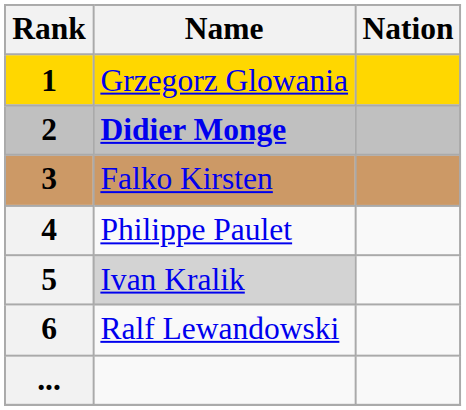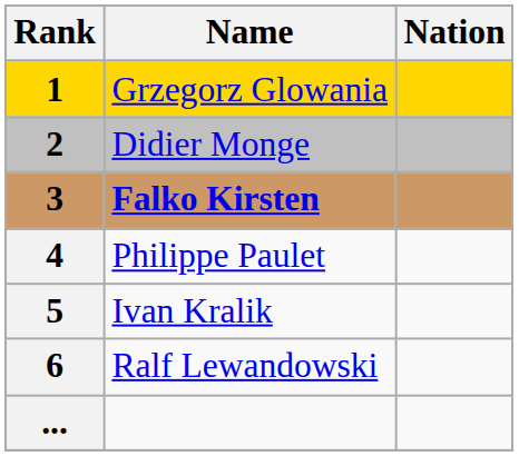 <table class="wikitable">
 <tr>
 <th>Rank</th>
 <th>Name</th>
 <th>Nation</th>
 </tr>
 <tr bgcolor="gold">
 <td align="center"><strong>1</strong></td>
 <td><a href='#'>Grzegorz Glowania</a></td>
 <td></td>
 </tr>
 <tr bgcolor="silver">
 <td align="center"><strong>2</strong></td>
-<td><strong><a href='#'>Didier Monge</a></strong></td>
+<td><a href='#'>Didier Monge</a></td>
 <td></td>
 </tr>
 <tr bgcolor="cc9966">
 <td align="center"><strong>3</strong></td>
-<td><a href='#'>Falko Kirsten</a></td>
+<td><strong><a href='#'>Falko Kirsten</a></strong></td>
 <td></td>
 </tr>
 <tr>
 <th>4</th>
 <td><a href='#'>Philippe Paulet</a></td>
 <td></td>
 </tr>
 <tr>
 <th>5</th>
-<td style="background: lightgrey;"><a href='#'>Ivan Kralik</a></td>
+<td><a href='#'>Ivan Kralik</a></td>
 <td></td>
 </tr>
 <tr>
 <th>6</th>
 <td><a href='#'>Ralf Lewandowski</a></td>
 <td></td>
 </tr>
 <tr>
 <th>...</th>
 <td></td>
 <td></td>
 </tr>
 <tr>
 </tr>
 </table>
